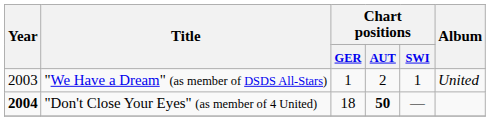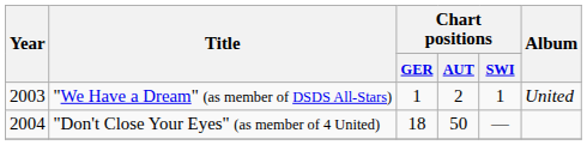 <table class="wikitable">
 <tr>
 <th rowspan="2">Year</th>
 <th rowspan="2">Title</th>
 <th colspan="3">Chart positions</th>
 <th rowspan="2">Album</th>
 </tr>
 <tr>
 <th style="width:30px;"><small><a href='#'>GER</a></small><br></th>
 <th style="width:30px;"><small><a href='#'>AUT</a></small><br></th>
 <th style="width:30px;"><small><a href='#'>SWI</a></small><br></th>
 </tr>
 <tr>
 <td>2003</td>
 <td>"<a href='#'>We Have a Dream</a>" <small>(as member of <a href='#'>DSDS All-Stars</a>)</small></td>
 <td style="text-align:center;">1</td>
 <td style="text-align:center;">2</td>
 <td style="text-align:center;">1</td>
 <td><em>United</em></td>
 </tr>
 <tr>
-<td><strong>2004</strong></td>
+<td>2004</td>
 <td>"Don't Close Your Eyes" <small>(as member of 4 United)</small></td>
 <td style="text-align:center;">18</td>
-<td style="text-align:center;"><strong>50</strong></td>
+<td style="text-align:center;">50</td>
 <td style="text-align:center;">—</td>
 <td></td>
 </tr>
 <tr>
 </tr>
 </table>
